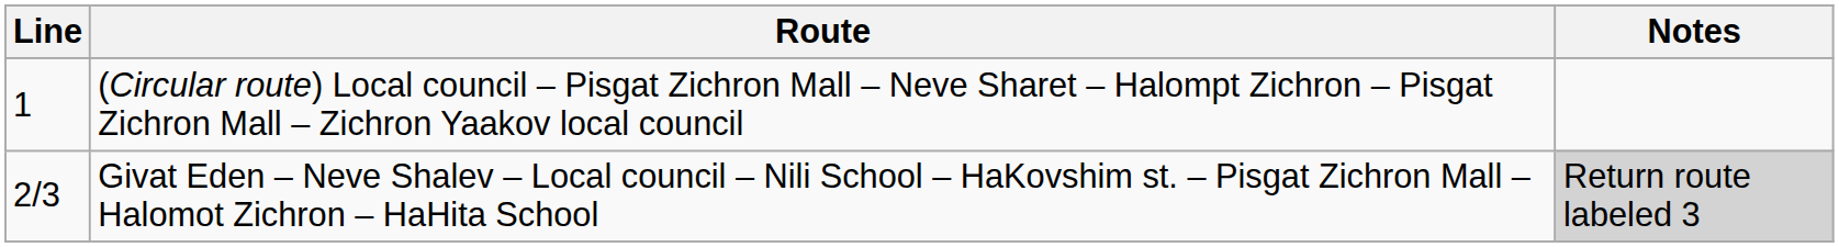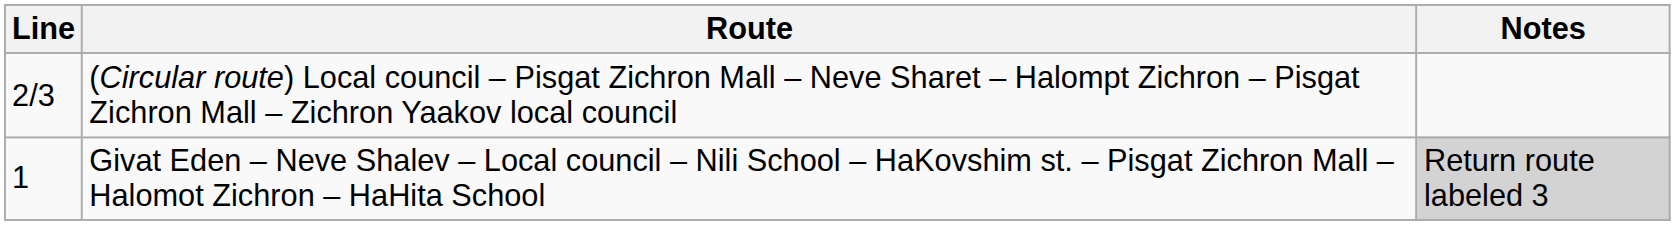 <table class="wikitable">
 <tr>
 <th>Line</th>
 <th>Route</th>
 <th>Notes</th>
 </tr>
 <tr>
-<td>1</td>
+<td>2/3</td>
 <td>(<em>Circular route</em>) Local council – Pisgat Zichron Mall – Neve Sharet – Halompt Zichron – Pisgat Zichron Mall – Zichron Yaakov local council</td>
 <td></td>
 </tr>
 <tr>
-<td>2/3</td>
+<td>1</td>
 <td>Givat Eden – Neve Shalev – Local council – Nili School – HaKovshim st. – Pisgat Zichron Mall – Halomot Zichron – HaHita School</td>
 <td style="background: lightgrey;">Return route labeled 3</td>
 </tr>
 </table>
